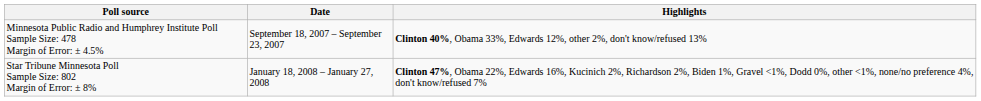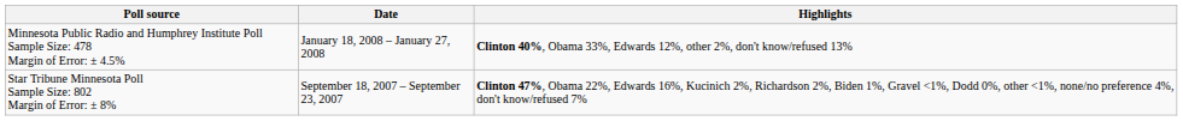 <table class="wikitable">
 <tr>
 <th width="25%">Poll source</th>
 <th width="15%">Date</th>
 <th width="60%">Highlights</th>
 </tr>
 <tr>
 <td>Minnesota Public Radio and Humphrey Institute Poll<br>Sample Size: 478<br> Margin of Error: ± 4.5%</td>
-<td>September 18, 2007 – September 23, 2007</td>
+<td>January 18, 2008 – January 27, 2008</td>
 <td><strong>Clinton 40%</strong>, Obama 33%, Edwards 12%, other 2%, don't know/refused 13%</td>
 </tr>
 <tr>
 <td>Star Tribune Minnesota Poll<br>Sample Size: 802<br> Margin of Error: ± 8%</td>
-<td>January 18, 2008 – January 27, 2008</td>
+<td>September 18, 2007 – September 23, 2007</td>
 <td><strong>Clinton 47%</strong>, Obama 22%, Edwards 16%, Kucinich 2%, Richardson 2%, Biden 1%, Gravel <1%, Dodd 0%, other <1%, none/no preference 4%, don't know/refused 7%</td>
 </tr>
 </table>
